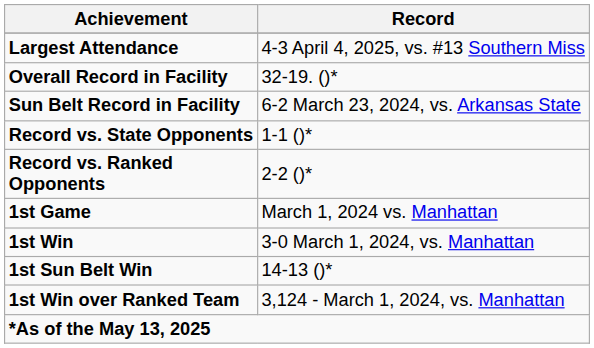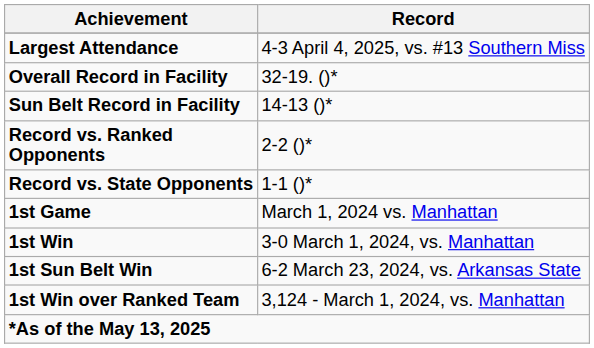 <table class="wikitable">
 <tr>
 <th>Achievement</th>
 <th>Record</th>
 </tr>
 <tr>
 </tr>
 <tr>
 <td><strong>Largest Attendance</strong></td>
 <td>4-3 April 4, 2025, vs. #13 <a href='#'>Southern Miss</a></td>
 </tr>
 <tr>
 <td><strong>Overall Record in Facility</strong></td>
 <td>32-19. ()*</td>
 </tr>
 <tr>
 <td><strong>Sun Belt Record in Facility</strong></td>
-<td>6-2 March 23, 2024, vs. <a href='#'>Arkansas State</a></td>
+<td>14-13  ()*</td>
+</tr>
+<tr>
+<td><strong>Record vs. Ranked <br>Opponents</strong></td>
+<td>2-2  ()*</td>
 </tr>
 <tr>
 <td><strong>Record vs. State Opponents</strong></td>
 <td>1-1  ()*</td>
-</tr>
-<tr>
-<td><strong>Record vs. Ranked <br>Opponents</strong></td>
-<td>2-2  ()*</td>
 </tr>
 <tr>
 <td><strong>1st Game</strong></td>
 <td>March 1, 2024 vs. <a href='#'>Manhattan</a></td>
 </tr>
 <tr>
 <td><strong>1st Win</strong></td>
 <td>3-0 March 1, 2024, vs. <a href='#'>Manhattan</a></td>
 </tr>
 <tr>
 <td><strong>1st Sun Belt Win</strong></td>
-<td>14-13  ()*</td>
+<td>6-2 March 23, 2024, vs. <a href='#'>Arkansas State</a></td>
 </tr>
 <tr>
 <td><strong>1st Win over Ranked Team</strong></td>
 <td>3,124 - March 1, 2024, vs. <a href='#'>Manhattan</a></td>
 </tr>
 <tr>
 <td colspan="2"><strong>*As of the May 13, 2025</strong></td>
 </tr>
 </table>
